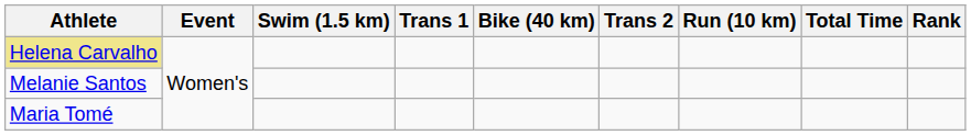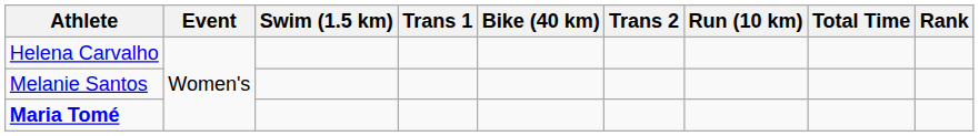 <table class="wikitable" style="font-size:90%">
 <tr>
 <th>Athlete</th>
 <th>Event</th>
 <th>Swim (1.5 km)</th>
 <th>Trans 1</th>
 <th>Bike (40 km)</th>
 <th>Trans 2</th>
 <th>Run (10 km)</th>
 <th>Total Time</th>
 <th>Rank</th>
 </tr>
 <tr align=center>
-<td align=left style="background: khaki;"><a href='#'>Helena Carvalho</a></td>
+<td align=left><a href='#'>Helena Carvalho</a></td>
 <td align=left rowspan=3>Women's</td>
 <td></td>
 <td></td>
 <td></td>
 <td></td>
 <td></td>
 <td></td>
 <td></td>
 </tr>
 <tr align=center>
 <td align=left><a href='#'>Melanie Santos</a></td>
 <td></td>
 <td></td>
 <td></td>
 <td></td>
 <td></td>
 <td></td>
 <td></td>
 </tr>
 <tr align=center>
-<td align=left><a href='#'>Maria Tomé</a></td>
+<td align=left><strong><a href='#'>Maria Tomé</a></strong></td>
 <td></td>
 <td></td>
 <td></td>
 <td></td>
 <td></td>
 <td></td>
 <td></td>
 </tr>
 </table>
